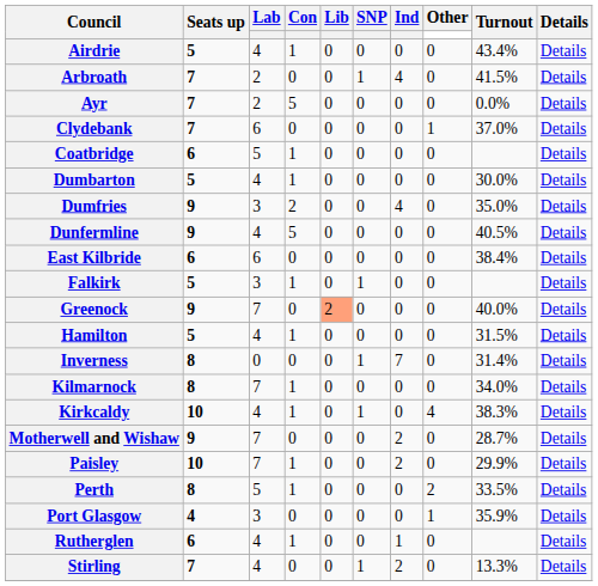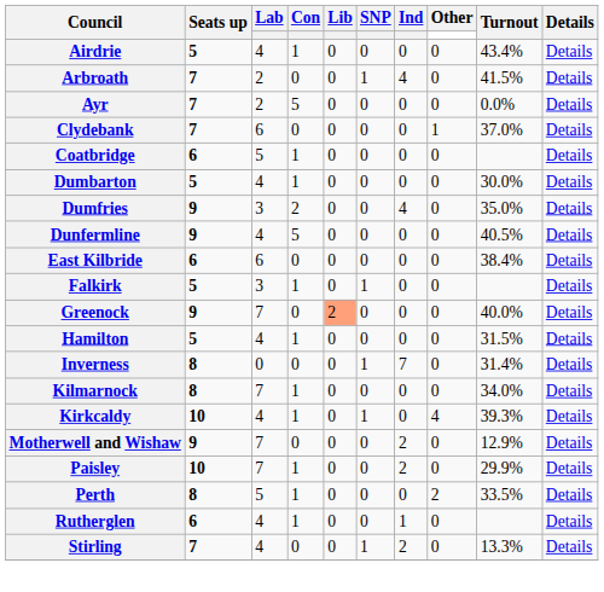 <table class="wikitable">
 <tr>
 <th scope="col" rowspan="2">Council</th>
 <th scope="col" rowspan="2">Seats up</th>
 <th scope="col"><a href='#'>Lab</a></th>
 <th scope="col"><a href='#'>Con</a></th>
 <th scope="col"><a href='#'>Lib</a></th>
 <th scope="col"><a href='#'>SNP</a></th>
 <th scope="col"><a href='#'>Ind</a></th>
 <th scope="col">Other</th>
 <th scope="col" rowspan="2">Turnout</th>
 <th scope="col" rowspan="2">Details</th>
 </tr>
 <tr>
 <th scope="col" style="background:"></th>
 <th scope="col" style="background:"></th>
 <th scope="col" style="background:"></th>
 <th scope="col" style="background:"></th>
 <th scope="col" style="background:"></th>
 <th scope="col" style="background:#FFFFFF;"></th>
 </tr>
 <tr>
 <th scope="row"><a href='#'>Airdrie</a></th>
 <td><strong>5</strong></td>
 <td>4</td>
 <td>1</td>
 <td>0</td>
 <td>0</td>
 <td>0</td>
 <td>0</td>
 <td>43.4%</td>
 <td><a href='#'>Details</a></td>
 </tr>
 <tr>
 <th scope="row"><a href='#'>Arbroath</a></th>
 <td><strong>7</strong></td>
 <td>2</td>
 <td>0</td>
 <td>0</td>
 <td>1</td>
 <td>4</td>
 <td>0</td>
 <td>41.5%</td>
 <td><a href='#'>Details</a></td>
 </tr>
 <tr>
 <th scope="row"><a href='#'>Ayr</a></th>
 <td><strong>7</strong></td>
 <td>2</td>
 <td>5</td>
 <td>0</td>
 <td>0</td>
 <td>0</td>
 <td>0</td>
 <td>0.0%</td>
 <td><a href='#'>Details</a></td>
 </tr>
 <tr>
 <th scope="row"><a href='#'>Clydebank</a></th>
 <td><strong>7</strong></td>
 <td>6</td>
 <td>0</td>
 <td>0</td>
 <td>0</td>
 <td>0</td>
 <td>1</td>
 <td>37.0%</td>
 <td><a href='#'>Details</a></td>
 </tr>
 <tr>
 <th scope="row"><a href='#'>Coatbridge</a></th>
 <td><strong>6</strong></td>
 <td>5</td>
 <td>1</td>
 <td>0</td>
 <td>0</td>
 <td>0</td>
 <td>0</td>
 <td></td>
 <td><a href='#'>Details</a></td>
 </tr>
 <tr>
 <th scope="row"><a href='#'>Dumbarton</a></th>
 <td><strong>5</strong></td>
 <td>4</td>
 <td>1</td>
 <td>0</td>
 <td>0</td>
 <td>0</td>
 <td>0</td>
 <td>30.0%</td>
 <td><a href='#'>Details</a></td>
 </tr>
 <tr>
 <th scope="row"><a href='#'>Dumfries</a></th>
 <td><strong>9</strong></td>
 <td>3</td>
 <td>2</td>
 <td>0</td>
 <td>0</td>
 <td>4</td>
 <td>0</td>
 <td>35.0%</td>
 <td><a href='#'>Details</a></td>
 </tr>
 <tr>
 <th scope="row"><a href='#'>Dunfermline</a></th>
 <td><strong>9</strong></td>
 <td>4</td>
 <td>5</td>
 <td>0</td>
 <td>0</td>
 <td>0</td>
 <td>0</td>
 <td>40.5%</td>
 <td><a href='#'>Details</a></td>
 </tr>
 <tr>
 <th scope="row"><a href='#'>East Kilbride</a></th>
 <td><strong>6</strong></td>
 <td>6</td>
 <td>0</td>
 <td>0</td>
 <td>0</td>
 <td>0</td>
 <td>0</td>
 <td>38.4%</td>
 <td><a href='#'>Details</a></td>
 </tr>
 <tr>
 <th scope="row"><a href='#'>Falkirk</a></th>
 <td><strong>5</strong></td>
 <td>3</td>
 <td>1</td>
 <td>0</td>
 <td>1</td>
 <td>0</td>
 <td>0</td>
 <td></td>
 <td><a href='#'>Details</a></td>
 </tr>
 <tr>
 <th scope="row"><a href='#'>Greenock</a></th>
 <td><strong>9</strong></td>
 <td>7</td>
 <td>0</td>
 <td style="background: lightsalmon;">2</td>
 <td>0</td>
 <td>0</td>
 <td>0</td>
 <td>40.0%</td>
 <td><a href='#'>Details</a></td>
 </tr>
 <tr>
 <th scope="row"><a href='#'>Hamilton</a></th>
 <td><strong>5</strong></td>
 <td>4</td>
 <td>1</td>
 <td>0</td>
 <td>0</td>
 <td>0</td>
 <td>0</td>
 <td>31.5%</td>
 <td><a href='#'>Details</a></td>
 </tr>
 <tr>
 <th scope="row"><a href='#'>Inverness</a></th>
 <td><strong>8</strong></td>
 <td>0</td>
 <td>0</td>
 <td>0</td>
 <td>1</td>
 <td>7</td>
 <td>0</td>
 <td>31.4%</td>
 <td><a href='#'>Details</a></td>
 </tr>
 <tr>
 <th scope="row"><a href='#'>Kilmarnock</a></th>
 <td><strong>8</strong></td>
 <td>7</td>
 <td>1</td>
 <td>0</td>
 <td>0</td>
 <td>0</td>
 <td>0</td>
 <td>34.0%</td>
 <td><a href='#'>Details</a></td>
 </tr>
 <tr>
 <th scope="row"><a href='#'>Kirkcaldy</a></th>
 <td><strong>10</strong></td>
 <td>4</td>
 <td>1</td>
 <td>0</td>
 <td>1</td>
 <td>0</td>
 <td>4</td>
-<td>38.3%</td>
+<td>39.3%</td>
 <td><a href='#'>Details</a></td>
 </tr>
 <tr>
 <th scope="row"><a href='#'>Motherwell</a> and <a href='#'>Wishaw</a></th>
 <td><strong>9</strong></td>
 <td>7</td>
 <td>0</td>
 <td>0</td>
 <td>0</td>
 <td>2</td>
 <td>0</td>
-<td>28.7%</td>
+<td>12.9%</td>
 <td><a href='#'>Details</a></td>
 </tr>
 <tr>
 <th scope="row"><a href='#'>Paisley</a></th>
 <td><strong>10</strong></td>
 <td>7</td>
 <td>1</td>
 <td>0</td>
 <td>0</td>
 <td>2</td>
 <td>0</td>
 <td>29.9%</td>
 <td><a href='#'>Details</a></td>
 </tr>
 <tr>
 <th scope="row"><a href='#'>Perth</a></th>
 <td><strong>8</strong></td>
 <td>5</td>
 <td>1</td>
 <td>0</td>
 <td>0</td>
 <td>0</td>
 <td>2</td>
 <td>33.5%</td>
-<td><a href='#'>Details</a></td>
-</tr>
-<tr>
-<th scope="row"><a href='#'>Port Glasgow</a></th>
-<td><strong>4</strong></td>
-<td>3</td>
-<td>0</td>
-<td>0</td>
-<td>0</td>
-<td>0</td>
-<td>1</td>
-<td>35.9%</td>
 <td><a href='#'>Details</a></td>
 </tr>
 <tr>
 <th scope="row"><a href='#'>Rutherglen</a></th>
 <td><strong>6</strong></td>
 <td>4</td>
 <td>1</td>
 <td>0</td>
 <td>0</td>
 <td>1</td>
 <td>0</td>
 <td></td>
 <td><a href='#'>Details</a></td>
 </tr>
 <tr>
 <th scope="row"><a href='#'>Stirling</a></th>
 <td><strong>7</strong></td>
 <td>4</td>
 <td>0</td>
 <td>0</td>
 <td>1</td>
 <td>2</td>
 <td>0</td>
 <td>13.3%</td>
 <td><a href='#'>Details</a></td>
 </tr>
 <tr>
 </tr>
 </table>
